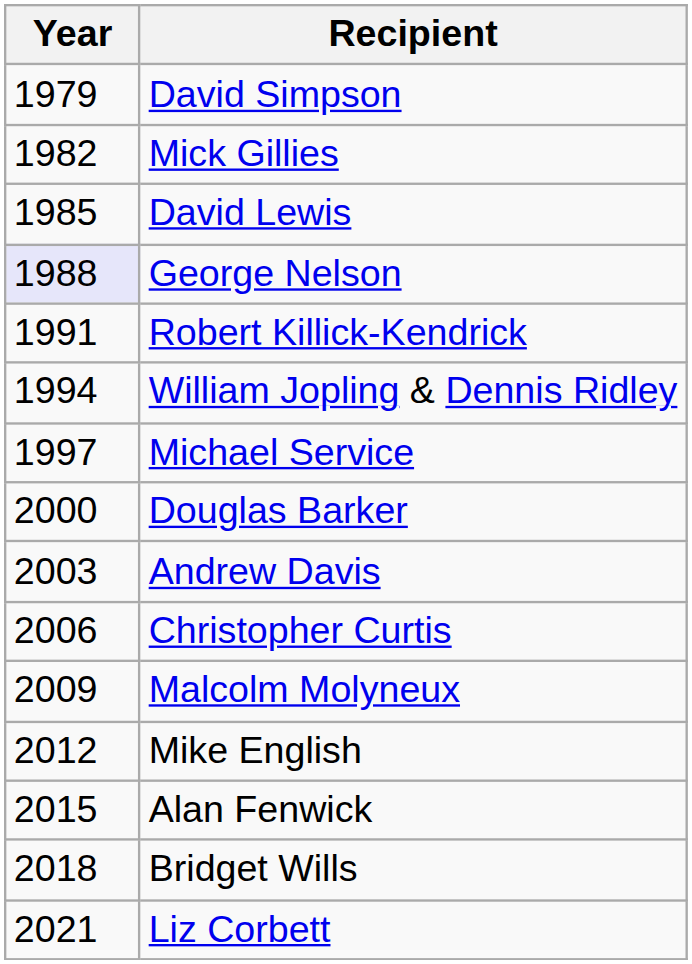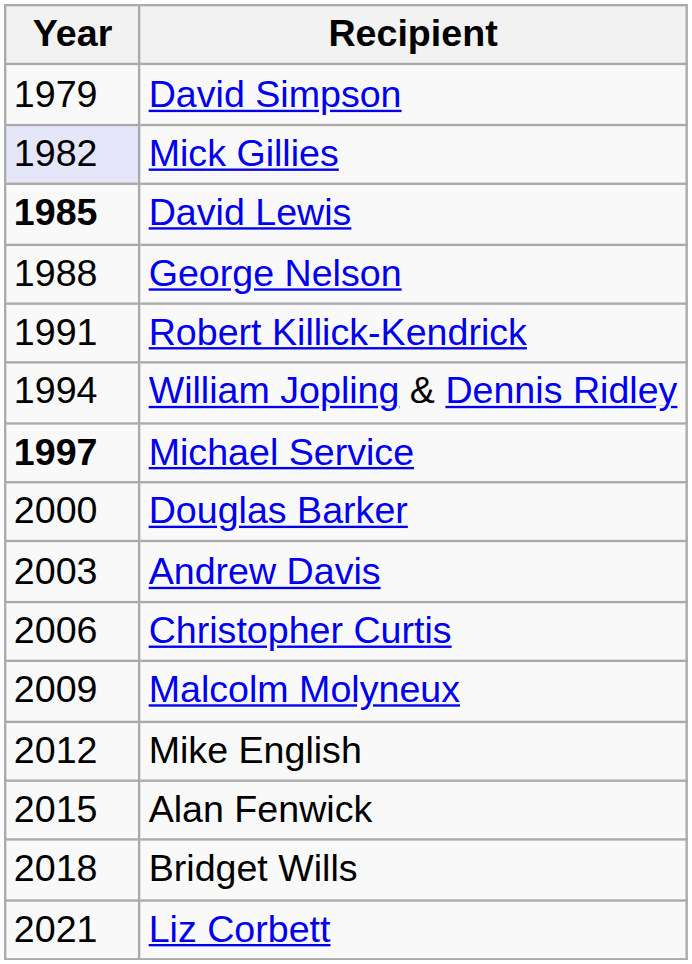 <table class="wikitable">
 <tr>
 <th scope="col" width="50px">Year</th>
 <th scope="col" width="225px">Recipient</th>
 </tr>
 <tr>
 <td>1979</td>
 <td><a href='#'>David Simpson</a></td>
 </tr>
 <tr>
-<td>1982</td>
+<td style="background: lavender;">1982</td>
 <td><a href='#'>Mick Gillies</a></td>
 </tr>
 <tr>
-<td>1985</td>
+<td><strong>1985</strong></td>
 <td><a href='#'>David Lewis</a></td>
 </tr>
 <tr>
-<td style="background: lavender;">1988</td>
+<td>1988</td>
 <td><a href='#'>George Nelson</a></td>
 </tr>
 <tr>
 <td>1991</td>
 <td><a href='#'>Robert Killick-Kendrick</a></td>
 </tr>
 <tr>
 <td>1994</td>
 <td><a href='#'>William Jopling</a> & <a href='#'>Dennis Ridley</a></td>
 </tr>
 <tr>
-<td>1997</td>
+<td><strong>1997</strong></td>
 <td><a href='#'>Michael Service</a></td>
 </tr>
 <tr>
 <td>2000</td>
 <td><a href='#'>Douglas Barker</a></td>
 </tr>
 <tr>
 <td>2003</td>
 <td><a href='#'>Andrew Davis</a></td>
 </tr>
 <tr>
 <td>2006</td>
 <td><a href='#'>Christopher Curtis</a></td>
 </tr>
 <tr>
 <td>2009</td>
 <td><a href='#'>Malcolm Molyneux</a></td>
 </tr>
 <tr>
 <td>2012</td>
 <td>Mike English</td>
 </tr>
 <tr>
 <td>2015</td>
 <td>Alan Fenwick</td>
 </tr>
 <tr>
 <td>2018</td>
 <td>Bridget Wills</td>
 </tr>
 <tr>
 <td>2021</td>
 <td><a href='#'>Liz Corbett</a></td>
 </tr>
 </table>
